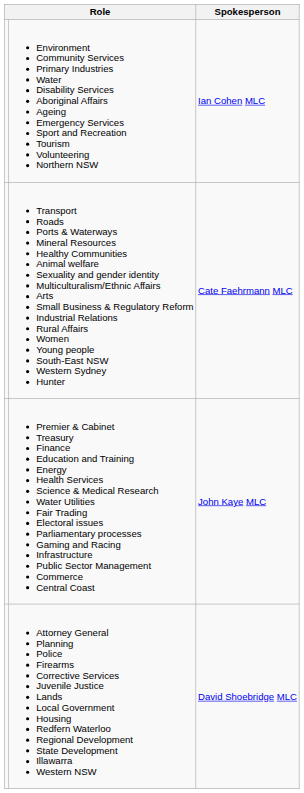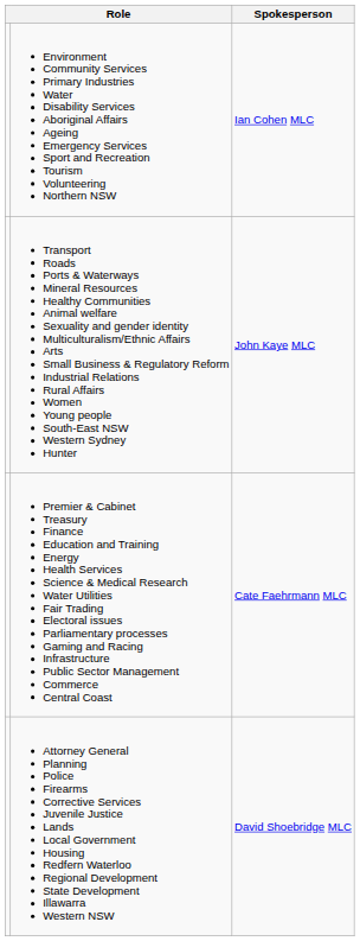 <table class="wikitable" style="text-align:left; font-size:95%">
 <tr>
 <th colspan=2>Role</th>
 <th>Spokesperson</th>
 </tr>
 <tr>
 <td style="background-color: "></td>
 <td><br><ul><li>Environment</li><li>Community Services</li><li>Primary Industries</li><li>Water</li><li>Disability Services</li><li>Aboriginal Affairs</li><li>Ageing</li><li>Emergency Services</li><li>Sport and Recreation</li><li>Tourism</li><li>Volunteering</li><li>Northern NSW</li></ul></td>
 <td><a href='#'>Ian Cohen</a>  <a href='#'>MLC</a></td>
 </tr>
 <tr>
 <td style="background-color: "></td>
 <td><br><ul><li>Transport</li><li>Roads</li><li>Ports & Waterways</li><li>Mineral Resources</li><li>Healthy Communities</li><li>Animal welfare</li><li>Sexuality and gender identity</li><li>Multiculturalism/Ethnic Affairs</li><li>Arts</li><li>Small Business & Regulatory Reform</li><li>Industrial Relations</li><li>Rural Affairs</li><li>Women</li><li>Young people</li><li>South-East NSW</li><li>Western Sydney</li><li>Hunter</li></ul></td>
-<td><a href='#'>Cate Faehrmann</a>  <a href='#'>MLC</a></td>
+<td><a href='#'>John Kaye</a>  <a href='#'>MLC</a></td>
 </tr>
 <tr>
 <td style="background-color: "></td>
 <td><br><ul><li>Premier & Cabinet</li><li>Treasury</li><li>Finance</li><li>Education and Training</li><li>Energy</li><li>Health Services</li><li>Science & Medical Research</li><li>Water Utilities</li><li>Fair Trading</li><li>Electoral issues</li><li>Parliamentary processes</li><li>Gaming and Racing</li><li>Infrastructure</li><li>Public Sector Management</li><li>Commerce</li><li>Central Coast</li></ul></td>
-<td><a href='#'>John Kaye</a>  <a href='#'>MLC</a></td>
+<td><a href='#'>Cate Faehrmann</a>  <a href='#'>MLC</a></td>
 </tr>
 <tr>
 <td style="background-color: "></td>
 <td><br><ul><li>Attorney General</li><li>Planning</li><li>Police</li><li>Firearms</li><li>Corrective Services</li><li>Juvenile Justice</li><li>Lands</li><li>Local Government</li><li>Housing</li><li>Redfern Waterloo</li><li>Regional Development</li><li>State Development</li><li>Illawarra</li><li>Western NSW</li></ul></td>
 <td><a href='#'>David Shoebridge</a>  <a href='#'>MLC</a></td>
 </tr>
 </table>
